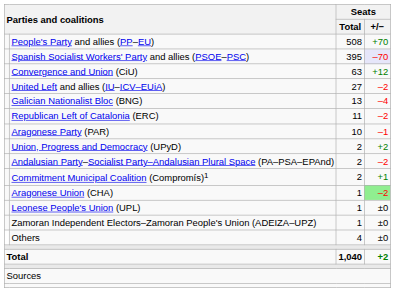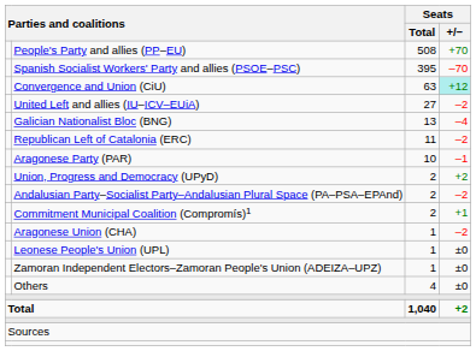 <table class="wikitable" style="text-align:right; font-size:95%;">
 <tr>
 <th style="text-align:left;" rowspan="2" colspan="2" width="500">Parties and coalitions</th>
 <th colspan="2">Seats</th>
 </tr>
 <tr>
 <th width="35">Total</th>
 <th width="35">+/−</th>
 </tr>
 <tr>
 <td width="1" style="color:inherit;background:"></td>
 <td align="left"><a href='#'>People's Party</a> and allies (<a href='#'>PP</a>–<a href='#'>EU</a>)</td>
 <td>508</td>
 <td style="color:green;">+70</td>
 </tr>
 <tr>
 <td style="color:inherit;background:"></td>
 <td align="left"><a href='#'>Spanish Socialist Workers' Party</a> and allies (<a href='#'>PSOE</a>–<a href='#'>PSC</a>)</td>
 <td>395</td>
-<td style="background: lavender; color:red;">–70</td>
+<td style="color:red;">–70</td>
 </tr>
 <tr>
 <td style="color:inherit;background:"></td>
 <td align="left"><a href='#'>Convergence and Union</a> (CiU)</td>
 <td>63</td>
-<td style="color:green;">+12</td>
+<td style="background: paleturquoise; color:green;">+12</td>
 </tr>
 <tr>
 <td style="color:inherit;background:"></td>
 <td align="left"><a href='#'>United Left</a> and allies (<a href='#'>IU</a>–<a href='#'>ICV–EUiA</a>)</td>
 <td>27</td>
 <td style="color:red;">–2</td>
 </tr>
 <tr>
 <td style="color:inherit;background:"></td>
 <td align="left"><a href='#'>Galician Nationalist Bloc</a> (BNG)</td>
 <td>13</td>
 <td style="color:red;">–4</td>
 </tr>
 <tr>
 <td style="color:inherit;background:"></td>
 <td align="left"><a href='#'>Republican Left of Catalonia</a> (ERC)</td>
 <td>11</td>
 <td style="color:red;">–2</td>
 </tr>
 <tr>
 <td style="color:inherit;background:"></td>
 <td align="left"><a href='#'>Aragonese Party</a> (PAR)</td>
 <td>10</td>
 <td style="color:red;">–1</td>
 </tr>
 <tr>
 <td style="color:inherit;background:"></td>
 <td align="left"><a href='#'>Union, Progress and Democracy</a> (UPyD)</td>
 <td>2</td>
 <td style="color:green;">+2</td>
 </tr>
 <tr>
 <td style="color:inherit;background:"></td>
 <td align="left"><a href='#'>Andalusian Party</a>–<a href='#'>Socialist Party–Andalusian Plural Space</a> (PA–PSA–EPAnd)</td>
 <td>2</td>
 <td style="color:red;">–2</td>
 </tr>
 <tr>
 <td style="color:inherit;background:"></td>
 <td align="left"><a href='#'>Commitment Municipal Coalition</a> (Compromís)<sup>1</sup></td>
 <td>2</td>
 <td style="color:green;">+1</td>
 </tr>
 <tr>
 <td style="color:inherit;background:"></td>
 <td align="left"><a href='#'>Aragonese Union</a> (CHA)</td>
 <td>1</td>
-<td style="background: lightgreen; color:red;">–2</td>
+<td style="color:red;">–2</td>
 </tr>
 <tr>
 <td style="color:inherit;background:"></td>
 <td align="left"><a href='#'>Leonese People's Union</a> (UPL)</td>
 <td>1</td>
 <td>±0</td>
 </tr>
 <tr>
 <td style="color:inherit;background:"></td>
 <td align="left">Zamoran Independent Electors–Zamoran People's Union (ADEIZA–UPZ)</td>
 <td>1</td>
 <td>±0</td>
 </tr>
 <tr>
 <td bgcolor="white"></td>
 <td align="left">Others</td>
 <td>4</td>
 <td>±0</td>
 </tr>
 <tr>
 <td colspan="4" bgcolor="#E9E9E9"></td>
 </tr>
 <tr style="font-weight:bold;">
 <td align="left" colspan="2">Total</td>
 <td>1,040</td>
 <td style="color:green;">+2</td>
 </tr>
 <tr>
 <td colspan="4" bgcolor="#E9E9E9"></td>
 </tr>
 <tr>
 <td align="left" colspan="4">Sources</td>
 </tr>
 <tr>
 <td colspan="4" style="text-align:left;font-size:95%;max-width:790px;"></td>
 </tr>
 </table>
